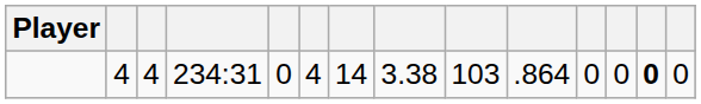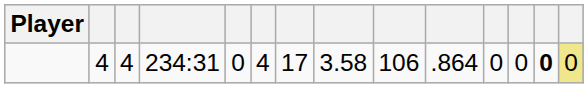 <table class="wikitable sortable" style="text-align:center;">
 <tr>
 <th>Player</th>
 <th></th>
 <th></th>
 <th></th>
 <th></th>
 <th></th>
 <th></th>
 <th></th>
 <th></th>
 <th></th>
 <th></th>
 <th></th>
 <th></th>
 <th></th>
 </tr>
 <tr>
 <td></td>
 <td>4</td>
 <td>4</td>
 <td>234:31</td>
 <td>0</td>
 <td>4</td>
-<td>14</td>
-<td>3.38</td>
-<td>103</td>
+<td>17</td>
+<td>3.58</td>
+<td>106</td>
 <td>.864</td>
 <td>0</td>
 <td>0</td>
 <td><strong>0</strong></td>
-<td>0</td>
+<td style="background: khaki;">0</td>
 </tr>
 </table>
